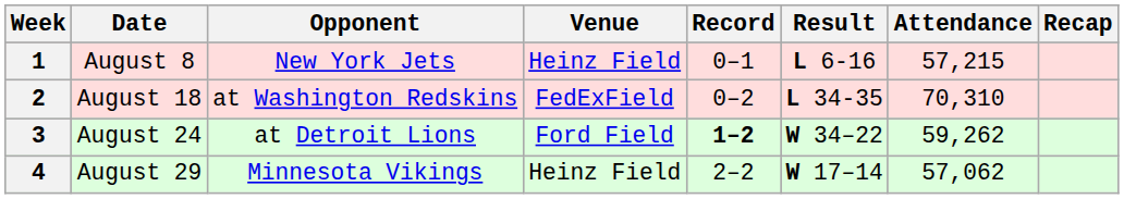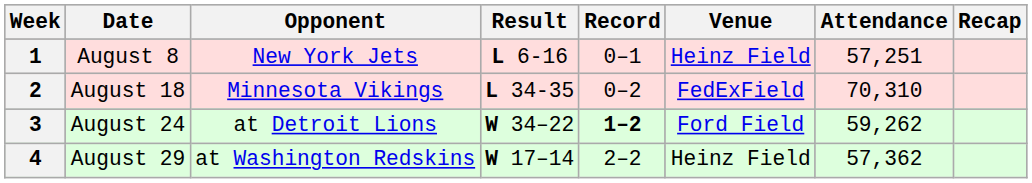 <table class="wikitable" style="text-align:center">
 <tr>
 <th>Week</th>
 <th>Date</th>
 <th>Opponent</th>
+<th>Result</th>
+<th>Record</th>
 <th>Venue</th>
-<th>Record</th>
-<th>Result</th>
 <th>Attendance</th>
 <th>Recap</th>
 </tr>
 <tr style="background:#ffdddd">
 <th>1</th>
 <td>August 8</td>
 <td><a href='#'>New York Jets</a></td>
+<td><strong>L</strong> 6-16</td>
+<td>0–1</td>
 <td><a href='#'>Heinz Field</a></td>
-<td>0–1</td>
-<td><strong>L</strong> 6-16</td>
-<td>57,215</td>
+<td>57,251</td>
 <td></td>
 </tr>
 <tr style="background:#ffdddd">
 <th>2</th>
 <td>August 18</td>
-<td>at <a href='#'>Washington Redskins</a></td>
+<td><a href='#'>Minnesota Vikings</a></td>
+<td><strong>L</strong> 34-35</td>
+<td>0–2</td>
 <td><a href='#'>FedExField</a></td>
-<td>0–2</td>
-<td><strong>L</strong> 34-35</td>
 <td>70,310</td>
 <td></td>
 </tr>
 <tr style="background:#ddffdd">
 <th>3</th>
 <td>August 24</td>
 <td>at <a href='#'>Detroit Lions</a></td>
+<td><strong>W</strong> 34–22</td>
+<td><strong>1–2</strong></td>
 <td><a href='#'>Ford Field</a></td>
-<td><strong>1–2</strong></td>
-<td><strong>W</strong> 34–22</td>
 <td>59,262</td>
 <td></td>
 </tr>
 <tr style="background:#ddffdd">
 <th>4</th>
 <td>August 29</td>
-<td><a href='#'>Minnesota Vikings</a></td>
+<td>at <a href='#'>Washington Redskins</a></td>
+<td><strong>W</strong> 17–14</td>
+<td>2–2</td>
 <td>Heinz Field</td>
-<td>2–2</td>
-<td><strong>W</strong> 17–14</td>
-<td>57,062</td>
+<td>57,362</td>
 <td></td>
 </tr>
 </table>
